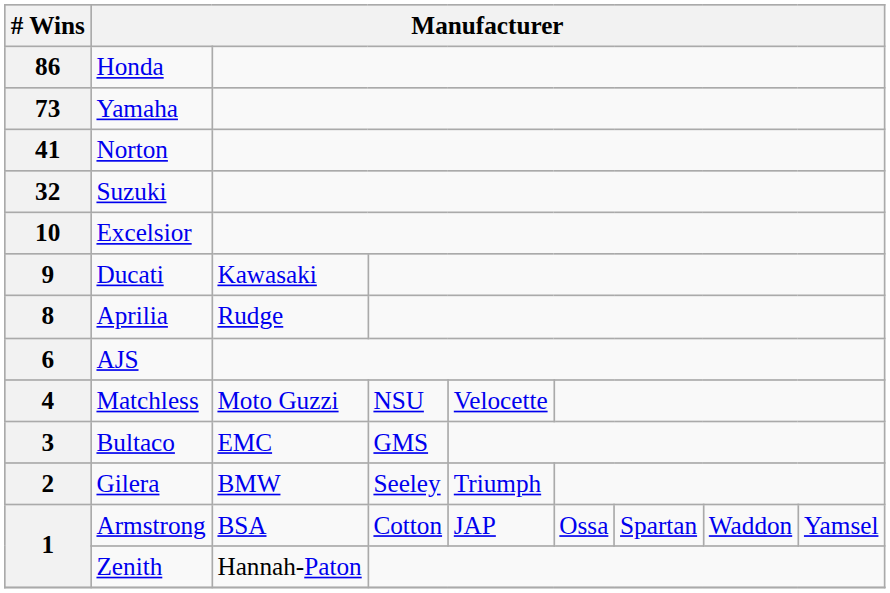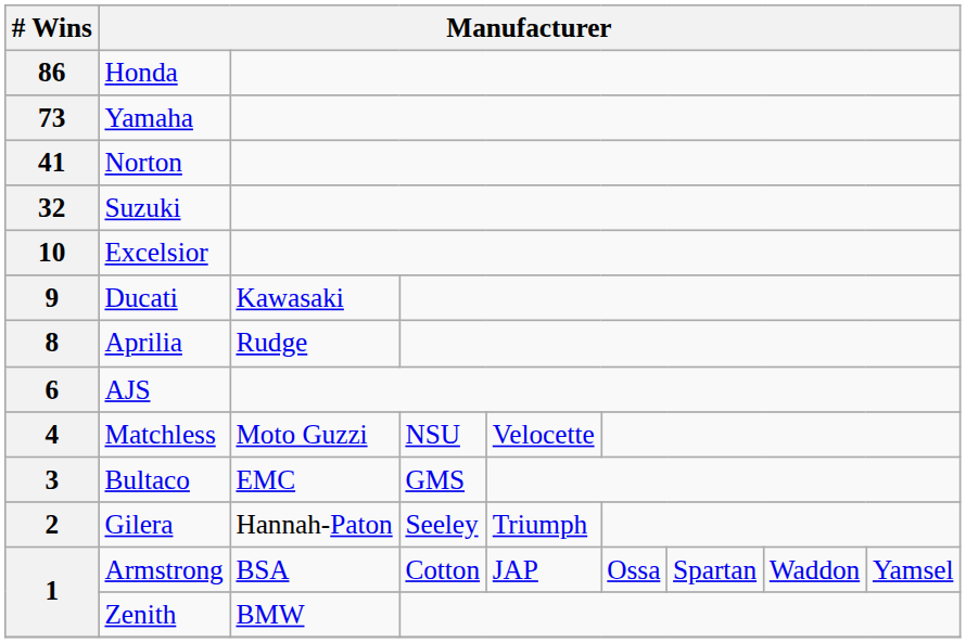 <table class="wikitable" style="font-size: 95%;">
 <tr>
 <th># Wins</th>
 <th colspan=8>Manufacturer</th>
 </tr>
 <tr>
 <th>86</th>
 <td><a href='#'>Honda</a></td>
 <td colspan=7></td>
 </tr>
 <tr>
 <th>73</th>
 <td><a href='#'>Yamaha</a></td>
 <td colspan=7></td>
 </tr>
 <tr>
 <th>41</th>
 <td><a href='#'>Norton</a></td>
 <td colspan=7></td>
 </tr>
 <tr>
 <th>32</th>
 <td><a href='#'>Suzuki</a></td>
 <td colspan=7></td>
 </tr>
 <tr>
 <th>10</th>
 <td><a href='#'>Excelsior</a></td>
 <td colspan=7></td>
 </tr>
 <tr>
 <th>9</th>
 <td><a href='#'>Ducati</a></td>
 <td><a href='#'>Kawasaki</a></td>
 <td colspan=6></td>
 </tr>
 <tr>
 <th>8</th>
 <td><a href='#'>Aprilia</a></td>
 <td><a href='#'>Rudge</a></td>
 <td colspan=7></td>
 </tr>
 <tr>
 <th>6</th>
 <td><a href='#'>AJS</a></td>
 <td colspan=7></td>
 </tr>
 <tr>
 <th>4</th>
 <td><a href='#'>Matchless</a></td>
 <td><a href='#'>Moto Guzzi</a></td>
 <td><a href='#'>NSU</a></td>
 <td><a href='#'>Velocette</a></td>
 <td colspan=4></td>
 </tr>
 <tr>
 <th>3</th>
 <td><a href='#'>Bultaco</a></td>
 <td><a href='#'>EMC</a></td>
 <td><a href='#'> GMS</a></td>
 <td colspan=5></td>
 </tr>
 <tr>
 <th>2</th>
 <td><a href='#'>Gilera</a></td>
-<td><a href='#'>BMW</a></td>
+<td>Hannah-<a href='#'>Paton</a></td>
 <td><a href='#'>Seeley</a></td>
 <td><a href='#'>Triumph</a></td>
 <td colspan=4></td>
 </tr>
 <tr>
 <th rowspan=2>1</th>
 <td><a href='#'>Armstrong</a></td>
 <td><a href='#'>BSA</a></td>
 <td><a href='#'>Cotton</a></td>
 <td><a href='#'>JAP</a></td>
 <td><a href='#'>Ossa</a></td>
 <td><a href='#'>Spartan</a></td>
 <td><a href='#'>Waddon</a></td>
 <td><a href='#'>Yamsel</a></td>
 </tr>
 <tr>
 <td><a href='#'>Zenith</a></td>
-<td>Hannah-<a href='#'>Paton</a></td>
+<td><a href='#'>BMW</a></td>
 <td colspan=6></td>
 </tr>
 <tr>
 </tr>
 </table>
